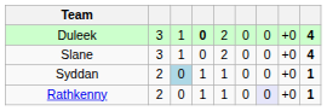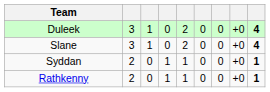 <table class="wikitable" style="text-align:center">
 <tr>
 <th width="175">Team</th>
 <th width="20"></th>
 <th width="20"></th>
 <th width="20"></th>
 <th width="20"></th>
 <th width="20"></th>
 <th width="20"></th>
 <th width="20"></th>
 <th width="20"></th>
 </tr>
 <tr style="background:#cfc;">
 <td>Duleek</td>
 <td>3</td>
 <td>1</td>
-<td><strong>0</strong></td>
+<td>0</td>
 <td>2</td>
 <td>0</td>
 <td>0</td>
 <td>+0</td>
 <td><strong>4</strong></td>
 </tr>
 <tr>
 <td>Slane</td>
 <td>3</td>
 <td>1</td>
 <td>0</td>
 <td>2</td>
 <td>0</td>
 <td>0</td>
 <td>+0</td>
 <td><strong>4</strong></td>
 </tr>
 <tr>
 <td>Syddan</td>
 <td>2</td>
-<td style="background: lightblue;">0</td>
+<td>0</td>
 <td>1</td>
 <td>1</td>
 <td>0</td>
 <td>0</td>
 <td>+0</td>
 <td><strong>1</strong></td>
 </tr>
 <tr>
 <td><a href='#'>Rathkenny</a></td>
 <td>2</td>
 <td>0</td>
 <td>1</td>
 <td>1</td>
 <td>0</td>
-<td style="background: lavender;">0</td>
+<td>0</td>
 <td>+0</td>
 <td><strong>1</strong></td>
 </tr>
 </table>
